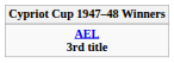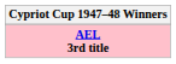 <table class="wikitable" style="text-align:center;margin: 0 auto;">
 <tr>
 <th>Cypriot Cup 1947–48 Winners</th>
 </tr>
 <tr>
 </tr>
 <tr>
-<td><strong><a href='#'>AEL</a></strong><br><strong>3rd title</strong></td>
+<td style="background: pink;"><strong><a href='#'>AEL</a></strong><br><strong>3rd title</strong></td>
 </tr>
 </table>
